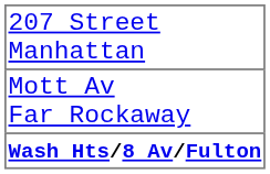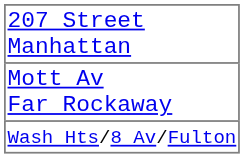 <table border=0 cellspacing=0>
 <tr>
 <td style="border:solid 1px gray;"><a href='#'>207 Street</a><br><a href='#'>Manhattan</a></td>
 </tr>
 <tr>
 <td style="border-left:solid 1px gray;border-right:solid 1px gray;"><a href='#'>Mott Av</a><br><a href='#'>Far Rockaway</a></td>
 </tr>
 <tr>
-<td style="border:solid 1px gray;"><strong><small>  <a href='#'>Wash Hts</a>/<a href='#'>8 Av</a>/<a href='#'>Fulton</a></small></strong></td>
+<td style="border:solid 1px gray;"><small>  <a href='#'>Wash Hts</a>/<a href='#'>8 Av</a>/<a href='#'>Fulton</a></small></td>
 </tr>
 </table>
